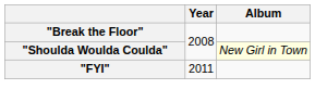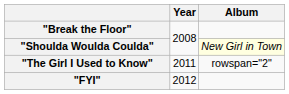 <table class="wikitable plainrowheaders" style="text-align:center;">
 <tr>
 <th scope="col" style="width:15em;"></th>
 <th scope="col">Year</th>
 <th scope="col">Album</th>
 </tr>
 <tr>
 <th scope="row">"Break the Floor"</th>
 <td rowspan="2">2008</td>
 <td></td>
 </tr>
 <tr>
 <th scope="row">"Shoulda Woulda Coulda"</th>
 <td style="background: lightyellow;"><em>New Girl in Town</em></td>
 </tr>
 <tr>
+<th scope="row">"The Girl I Used to Know"</th>
+<td>2011</td>
+<td>rowspan="2" </td>
+</tr>
+<tr>
 <th scope="row">"FYI"</th>
-<td>2011</td>
+<td>2012</td>
 </tr>
 </table>
